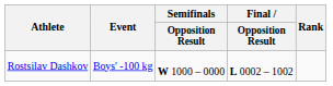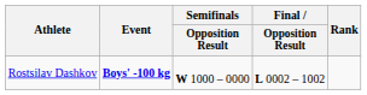 <table class="wikitable" style="font-size:90%">
 <tr>
 <th rowspan="2">Athlete</th>
 <th rowspan="2">Event</th>
 <th>Semifinals</th>
 <th>Final / </th>
 <th rowspan=2>Rank</th>
 </tr>
 <tr style="font-size:95%">
 <th>Opposition<br>Result</th>
 <th>Opposition<br>Result</th>
 </tr>
 <tr align=center>
 <td align=left><a href='#'>Rostsilav Dashkov</a></td>
-<td align=left><a href='#'>Boys' -100 kg</a></td>
+<td align=left><strong><a href='#'>Boys' -100 kg</a></strong></td>
 <td><br><strong>W</strong> 1000 – 0000</td>
 <td><br><strong>L</strong> 0002 – 1002</td>
 <td></td>
 </tr>
 </table>
